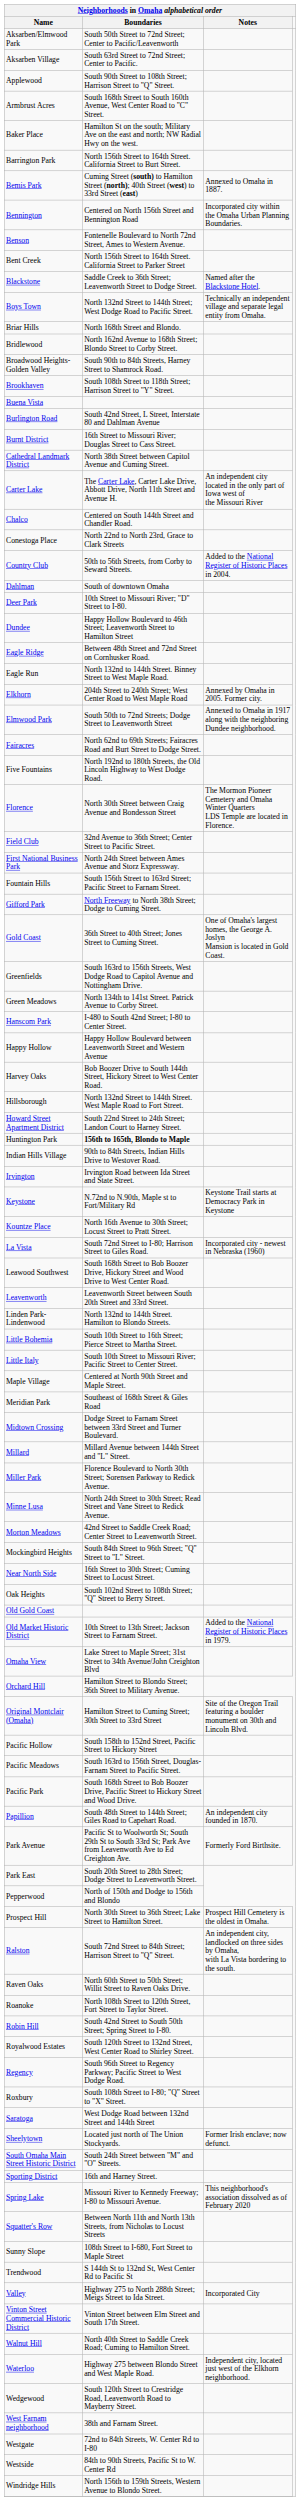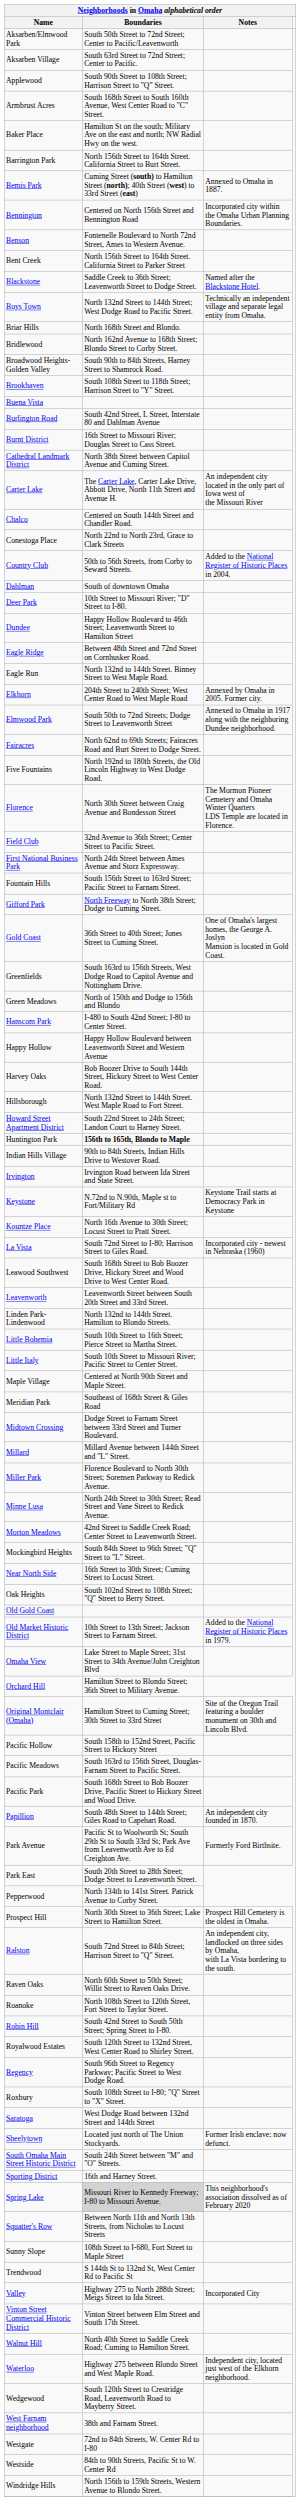 <table class="wikitable">
 <tr>
 <th align="center" colspan="6"><strong><a href='#'>Neighborhoods</a> in <a href='#'>Omaha</a></strong> <em>alphabetical order</em></th>
 </tr>
 <tr>
 <th>Name</th>
 <th>Boundaries</th>
 <th>Notes</th>
 <td></td>
 </tr>
 <tr>
 <td>Aksarben/Elmwood Park</td>
 <td>South 50th Street to 72nd Street; Center to Pacific/Leavenworth</td>
 <td></td>
 </tr>
 <tr>
 <td>Aksarben Village</td>
 <td>South 63rd Street to 72nd Street; Center to Pacific.</td>
 <td></td>
 </tr>
 <tr>
 <td>Applewood</td>
 <td>South 90th Street to 108th Street; Harrison Street to "Q" Street.</td>
 <td></td>
 </tr>
 <tr>
 <td>Armbrust Acres</td>
 <td>South 168th Street to South 160th Avenue, West Center Road to "C" Street.</td>
 <td></td>
 </tr>
 <tr>
 <td>Baker Place</td>
 <td>Hamilton St on the south; Military Ave on the east and north; NW Radial Hwy on the west.</td>
 <td></td>
 </tr>
 <tr>
 <td>Barrington Park</td>
 <td>North 156th Street to 164th Street. California Street to Burt Street.</td>
 <td></td>
 </tr>
 <tr>
 <td><a href='#'>Bemis Park</a></td>
 <td>Cuming Street (<strong>south)</strong> to Hamilton Street (<strong>north)</strong>; 40th Street (<strong>west</strong>) to 33rd Street (<strong>east</strong>)</td>
 <td>Annexed to Omaha in 1887.</td>
 </tr>
 <tr>
 <td><a href='#'>Bennington</a></td>
 <td>Centered on North 156th Street and Bennington Road</td>
 <td>Incorporated city within the Omaha Urban Planning Boundaries.</td>
 </tr>
 <tr>
 <td><a href='#'>Benson</a></td>
 <td>Fontenelle Boulevard to North 72nd Street, Ames to Western Avenue.</td>
 <td></td>
 </tr>
 <tr>
 <td>Bent Creek</td>
 <td>North 156th Street to 164th Street. California Street to Parker Street</td>
 <td></td>
 </tr>
 <tr>
 <td><a href='#'>Blackstone</a></td>
 <td>Saddle Creek to 36th Street; Leavenworth Street to Dodge Street.</td>
 <td>Named after the <a href='#'>Blackstone Hotel</a>.</td>
 </tr>
 <tr>
 <td><a href='#'>Boys Town</a></td>
 <td>North 132nd Street to 144th Street; West Dodge Road to Pacific Street.</td>
 <td>Technically an independent village and separate legal entity from Omaha.</td>
 </tr>
 <tr>
 <td>Briar Hills</td>
 <td>North 168th Street and Blondo.</td>
 <td></td>
 </tr>
 <tr>
 <td>Bridlewood</td>
 <td>North 162nd Avenue to 168th Street; Blondo Street to Corby Street.</td>
 <td></td>
 </tr>
 <tr>
 <td>Broadwood Heights-Golden Valley</td>
 <td>South 90th to 84th Streets, Harney Street to Shamrock Road.</td>
 <td></td>
 </tr>
 <tr>
 <td><a href='#'>Brookhaven</a></td>
 <td>South 108th Street to 118th Street; Harrison Street to "Y" Street.</td>
 <td></td>
 </tr>
 <tr>
 <td><a href='#'>Buena Vista</a></td>
 <td></td>
 <td></td>
 </tr>
 <tr>
 <td><a href='#'>Burlington Road</a></td>
 <td>South 42nd Street, L Street, Interstate 80 and Dahlman Avenue</td>
 <td></td>
 </tr>
 <tr>
 <td><a href='#'>Burnt District</a></td>
 <td>16th Street to Missouri River; Douglas Street to Cass Street.</td>
 <td></td>
 </tr>
 <tr>
 <td><a href='#'>Cathedral Landmark District</a></td>
 <td>North 38th Street between Capitol Avenue and Cuming Street.</td>
 <td></td>
 </tr>
 <tr>
 <td><a href='#'>Carter Lake</a></td>
 <td>The <a href='#'>Carter Lake</a>, Carter Lake Drive, Abbott Drive, North 11th Street and Avenue H.</td>
 <td>An independent city located in the only part of Iowa west of<br>the Missouri River</td>
 </tr>
 <tr>
 <td><a href='#'>Chalco</a></td>
 <td>Centered on South 144th Street and Chandler Road.</td>
 <td></td>
 </tr>
 <tr>
 <td>Conestoga Place</td>
 <td>North 22nd to North 23rd, Grace to Clark Streets</td>
 <td></td>
 </tr>
 <tr>
 <td><a href='#'>Country Club</a></td>
 <td>50th to 56th Streets, from Corby to Seward Streets.</td>
 <td>Added to the <a href='#'>National Register of Historic Places</a> in 2004.</td>
 </tr>
 <tr>
 <td><a href='#'>Dahlman</a></td>
 <td>South of downtown Omaha</td>
 <td></td>
 </tr>
 <tr>
 <td><a href='#'>Deer Park</a></td>
 <td>10th Street to Missouri River; "D" Street to I-80.</td>
 <td></td>
 </tr>
 <tr>
 <td><a href='#'>Dundee</a></td>
 <td>Happy Hollow Boulevard to 46th Street; Leavenworth Street to Hamilton Street</td>
 <td></td>
 </tr>
 <tr>
 <td><a href='#'>Eagle Ridge</a></td>
 <td>Between 48th Street and 72nd Street on Cornhusker Road.</td>
 <td></td>
 </tr>
 <tr>
 <td>Eagle Run</td>
 <td>North 132nd to 144th Street. Binney Street to West Maple Road.</td>
 <td></td>
 </tr>
 <tr>
 <td><a href='#'>Elkhorn</a></td>
 <td>204th Street to 240th Street; West Center Road to West Maple Road</td>
 <td>Annexed by Omaha in 2005. Former city.</td>
 </tr>
 <tr>
 <td><a href='#'>Elmwood Park</a></td>
 <td>South 50th to 72nd Streets; Dodge Street to Leavenworth Street</td>
 <td>Annexed to Omaha in 1917 along with the neighboring<br>Dundee neighborhood.</td>
 </tr>
 <tr>
 <td><a href='#'>Fairacres</a></td>
 <td>North 62nd to 69th Streets; Fairacres Road and Burt Street to Dodge Street.</td>
 <td></td>
 </tr>
 <tr>
 <td>Five Fountains</td>
 <td>North 192nd to 180th Streets, the Old Lincoln Highway to West Dodge Road.</td>
 <td></td>
 </tr>
 <tr>
 <td><a href='#'>Florence</a></td>
 <td>North 30th Street between Craig Avenue and Bondesson Street</td>
 <td>The Mormon Pioneer Cemetery and Omaha Winter Quarters<br>LDS Temple are located in Florence.</td>
 </tr>
 <tr>
 <td><a href='#'>Field Club</a></td>
 <td>32nd Avenue to 36th Street; Center Street to Pacific Street.</td>
 <td></td>
 </tr>
 <tr>
 <td><a href='#'>First National Business Park</a></td>
 <td>North 24th Street between Ames Avenue and Storz Expressway.</td>
 <td></td>
 </tr>
 <tr>
 <td>Fountain Hills</td>
 <td>South 156th Street to 163rd Street; Pacific Street to Farnam Street.</td>
 <td></td>
 </tr>
 <tr>
 <td><a href='#'>Gifford Park</a></td>
 <td><a href='#'>North Freeway</a> to North 38th Street; Dodge to Cuming Street.</td>
 <td></td>
 </tr>
 <tr>
 <td><a href='#'>Gold Coast</a></td>
 <td>36th Street to 40th Street; Jones Street to Cuming Street.</td>
 <td>One of Omaha's largest homes, the George A. Joslyn<br>Mansion is located in Gold Coast.</td>
 </tr>
 <tr>
 <td>Greenfields</td>
 <td>South 163rd to 156th Streets, West Dodge Road to Capitol Avenue and Nottingham Drive.</td>
 <td></td>
 </tr>
 <tr>
 <td>Green Meadows</td>
-<td>North 134th to 141st Street. Patrick Avenue to Corby Street.</td>
+<td>North of 150th and Dodge to 156th and Blondo</td>
 <td></td>
 </tr>
 <tr>
 <td><a href='#'>Hanscom Park</a></td>
 <td>I-480 to South 42nd Street; I-80 to Center Street.</td>
 <td></td>
 </tr>
 <tr>
 <td>Happy Hollow</td>
 <td>Happy Hollow Boulevard between Leavenworth Street and Western Avenue</td>
 <td></td>
 </tr>
 <tr>
 <td>Harvey Oaks</td>
 <td>Bob Boozer Drive to South 144th Street, Hickory Street to West Center Road.</td>
 <td></td>
 </tr>
 <tr>
 <td>Hillsborough</td>
 <td>North 132nd Street to 144th Street. West Maple Road to Fort Street.</td>
 <td></td>
 </tr>
 <tr>
 <td><a href='#'>Howard Street Apartment District</a></td>
 <td>South 22nd Street to 24th Street; Landon Court to Harney Street.</td>
 <td></td>
 </tr>
 <tr>
 <td>Huntington Park</td>
 <td><strong>156th to 165th, Blondo to Maple</strong></td>
 <td></td>
 </tr>
 <tr>
 <td>Indian Hills Village</td>
 <td>90th to 84th Streets, Indian Hills Drive to Westover Road.</td>
 <td></td>
 </tr>
 <tr>
 <td><a href='#'>Irvington</a></td>
 <td>Irvington Road between Ida Street and State Street.</td>
 <td></td>
 </tr>
 <tr>
 <td><a href='#'>Keystone</a></td>
 <td>N.72nd to N.90th, Maple st to Fort/Military Rd</td>
 <td>Keystone Trail starts at Democracy Park in Keystone</td>
 </tr>
 <tr>
 <td><a href='#'>Kountze Place</a></td>
 <td>North 16th Avenue to 30th Street; Locust Street to Pratt Street.</td>
 <td></td>
 </tr>
 <tr>
 <td><a href='#'>La Vista</a></td>
 <td>South 72nd Street to I-80; Harrison Street to Giles Road.</td>
 <td>Incorporated city - newest in Nebraska (1960)</td>
 </tr>
 <tr>
 <td>Leawood Southwest</td>
 <td>South 168th Street to Bob Boozer Drive, Hickory Street and Wood Drive to West Center Road.</td>
 <td></td>
 </tr>
 <tr>
 <td><a href='#'>Leavenworth</a></td>
 <td>Leavenworth Street between South 20th Street and 33rd Street.</td>
 <td></td>
 </tr>
 <tr>
 <td>Linden Park-Lindenwood</td>
 <td>North 132nd to 144th Street. Hamilton to Blondo Streets.</td>
 <td></td>
 </tr>
 <tr>
 <td><a href='#'>Little Bohemia</a></td>
 <td>South 10th Street to 16th Street; Pierce Street to Martha Street.</td>
 <td></td>
 </tr>
 <tr>
 <td><a href='#'>Little Italy</a></td>
 <td>South 10th Street to Missouri River; Pacific Street to Center Street.</td>
 <td></td>
 </tr>
 <tr>
 <td>Maple Village</td>
 <td>Centered at North 90th Street and Maple Street.</td>
 <td></td>
 </tr>
 <tr>
 <td>Meridian Park</td>
 <td>Southeast of 168th Street & Giles Road</td>
 <td></td>
 </tr>
 <tr>
 <td><a href='#'>Midtown Crossing</a></td>
 <td>Dodge Street to Farnam Street between 33rd Street and Turner Boulevard.</td>
 <td></td>
 </tr>
 <tr>
 <td><a href='#'>Millard</a></td>
 <td>Millard Avenue between 144th Street and "L" Street.</td>
 <td></td>
 </tr>
 <tr>
 <td><a href='#'>Miller Park</a></td>
 <td>Florence Boulevard to North 30th Street; Sorensen Parkway to Redick Avenue.</td>
 <td></td>
 </tr>
 <tr>
 <td><a href='#'>Minne Lusa</a></td>
 <td>North 24th Street to 30th Street; Read Street and Vane Street to Redick Avenue.</td>
 <td></td>
 </tr>
 <tr>
 <td><a href='#'>Morton Meadows</a></td>
 <td>42nd Street to Saddle Creek Road; Center Street to Leavenworth Street.</td>
 <td></td>
 </tr>
 <tr>
 <td>Mockingbird Heights</td>
 <td>South 84th Street to 96th Street; "Q" Street to "L" Street.</td>
 <td></td>
 </tr>
 <tr>
 <td><a href='#'>Near North Side</a></td>
 <td>16th Street to 30th Street; Cuming Street to Locust Street.</td>
 <td></td>
 </tr>
 <tr>
 <td>Oak Heights</td>
 <td>South 102nd Street to 108th Street; "Q" Street to Berry Street.</td>
 <td></td>
 </tr>
 <tr>
 <td><a href='#'>Old Gold Coast</a></td>
 <td></td>
 <td></td>
 </tr>
 <tr>
 <td><a href='#'>Old Market Historic District</a></td>
 <td>10th Street to 13th Street; Jackson Street to Farnam Street.</td>
 <td>Added to the <a href='#'>National Register of Historic Places</a> in 1979.</td>
 </tr>
 <tr>
 <td><a href='#'>Omaha View</a></td>
 <td>Lake Street to Maple Street; 31st Street to 34th Avenue/John Creighton Blvd</td>
 <td></td>
 </tr>
 <tr>
 <td><a href='#'>Orchard Hill</a></td>
 <td>Hamilton Street to Blondo Street; 36th Street to Military Avenue.</td>
 </tr>
 <tr>
 <td><a href='#'>Original Montclair (Omaha)</a></td>
 <td>Hamilton Street to Cuming Street; 30th Street to 33rd Street</td>
 <td>Site of the Oregon Trail featuring a boulder monument on 30th and Lincoln Blvd.</td>
 </tr>
 <tr>
 <td>Pacific Hollow</td>
 <td>South 158th to 152nd Street, Pacific Street to Hickory Street</td>
 <td></td>
 </tr>
 <tr>
 <td>Pacific Meadows</td>
 <td>South 163rd to 156th Street, Douglas-Farnam Street to Pacific Street.</td>
 <td></td>
 </tr>
 <tr>
 <td>Pacific Park</td>
 <td>South 168th Street to Bob Boozer Drive, Pacific Street to Hickory Street and Wood Drive.</td>
 <td></td>
 </tr>
 <tr>
 <td><a href='#'>Papillion</a></td>
 <td>South 48th Street to 144th Street; Giles Road to Capehart Road.</td>
 <td>An independent city founded in 1870.</td>
 </tr>
 <tr>
 <td>Park Avenue</td>
 <td>Pacific St to Woolworth St; South 29th St to South 33rd St; Park Ave from Leavenworth Ave to Ed Creighton Ave.</td>
 <td>Formerly Ford Birthsite.</td>
 </tr>
 <tr>
 <td>Park East</td>
 <td>South 20th Street to 28th Street; Dodge Street to Leavenworth Street.</td>
 </tr>
 <tr>
 <td>Pepperwood</td>
-<td>North of 150th and Dodge to 156th and Blondo</td>
+<td>North 134th to 141st Street. Patrick Avenue to Corby Street.</td>
 </tr>
 <tr>
 <td>Prospect Hill</td>
 <td>North 30th Street to 36th Street; Lake Street to Hamilton Street.</td>
 <td>Prospect Hill Cemetery is the oldest in Omaha.</td>
 </tr>
 <tr>
 <td><a href='#'>Ralston</a></td>
 <td>South 72nd Street to 84th Street; Harrison Street to "Q" Street.</td>
 <td>An independent city, landlocked on three sides by Omaha,<br>with La Vista bordering to the south.</td>
 </tr>
 <tr>
 <td>Raven Oaks</td>
 <td>North 60th Street to 50th Street; Willit Street to Raven Oaks Drive.</td>
 <td></td>
 </tr>
 <tr>
 <td>Roanoke</td>
 <td>North 108th Street to 120th Street, Fort Street to Taylor Street.</td>
 <td></td>
 </tr>
 <tr>
 <td><a href='#'>Robin Hill</a></td>
 <td>South 42nd Street to South 50th Street; Spring Street to I-80.</td>
 <td></td>
 </tr>
 <tr>
 <td>Royalwood Estates</td>
 <td>South 120th Street to 132nd Street, West Center Road to Shirley Street.</td>
 <td></td>
 </tr>
 <tr>
 <td><a href='#'>Regency</a></td>
 <td>South 96th Street to Regency Parkway; Pacific Street to West Dodge Road.</td>
 <td></td>
 </tr>
 <tr>
 <td>Roxbury</td>
 <td>South 108th Street to I-80; "Q" Street to "X" Street.</td>
 <td></td>
 </tr>
 <tr>
 <td><a href='#'>Saratoga</a></td>
 <td>West Dodge Road between 132nd Street and 144th Street</td>
 <td></td>
 </tr>
 <tr>
 <td><a href='#'>Sheelytown</a></td>
 <td>Located just north of The Union Stockyards.</td>
 <td>Former Irish enclave; now defunct.</td>
 </tr>
 <tr>
 <td><a href='#'>South Omaha Main Street Historic District</a></td>
 <td>South 24th Street between "M" and "O" Streets.</td>
 <td></td>
 </tr>
 <tr>
 <td><a href='#'>Sporting District</a></td>
 <td>16th and Harney Street.</td>
 <td></td>
 </tr>
 <tr>
 <td><a href='#'>Spring Lake</a></td>
-<td>Missouri River to Kennedy Freeway; I-80 to Missouri Avenue.</td>
+<td style="background: lightgrey;">Missouri River to Kennedy Freeway; I-80 to Missouri Avenue.</td>
 <td>This neighborhood's association dissolved as of February 2020</td>
 </tr>
 <tr>
 <td><a href='#'>Squatter's Row</a></td>
 <td>Between North 11th and North 13th Streets, from Nicholas to Locust Streets</td>
 <td></td>
 </tr>
 <tr>
 <td>Sunny Slope</td>
 <td>108th Street to I-680, Fort Street to Maple Street</td>
 <td></td>
 </tr>
 <tr>
 <td>Trendwood</td>
 <td>S 144th St to 132nd St, West Center Rd to Pacific St</td>
 <td></td>
 </tr>
 <tr>
 <td><a href='#'>Valley</a></td>
 <td>Highway 275 to North 288th Street; Meigs Street to Ida Street.</td>
 <td>Incorporated City</td>
 </tr>
 <tr>
 <td><a href='#'>Vinton Street Commercial Historic District</a></td>
 <td>Vinton Street between Elm Street and South 17th Street.</td>
 <td></td>
 </tr>
 <tr>
 <td><a href='#'>Walnut Hill</a></td>
 <td>North 40th Street to Saddle Creek Road; Cuming to Hamilton Street.</td>
 <td></td>
 </tr>
 <tr>
 <td><a href='#'>Waterloo</a></td>
 <td>Highway 275 between Blondo Street and West Maple Road.</td>
 <td>Independent city, located just west of the Elkhorn neighborhood.</td>
 </tr>
 <tr>
 <td>Wedgewood</td>
 <td>South 120th Street to Crestridge Road, Leavenworth Road to Mayberry Street.</td>
 <td></td>
 </tr>
 <tr>
 <td><a href='#'>West Farnam neighborhood</a></td>
 <td>38th and Farnam Street.</td>
 <td></td>
 </tr>
 <tr>
 <td>Westgate</td>
 <td>72nd to 84th Streets, W. Center Rd to I-80</td>
 <td></td>
 </tr>
 <tr>
 <td>Westside</td>
 <td>84th to 90th Streets, Pacific St to W. Center Rd</td>
 <td></td>
 </tr>
 <tr>
 <td>Windridge Hills</td>
 <td>North 156th to 159th Streets, Western Avenue to Blondo Street.</td>
 <td></td>
 </tr>
 <tr>
 </tr>
 </table>
